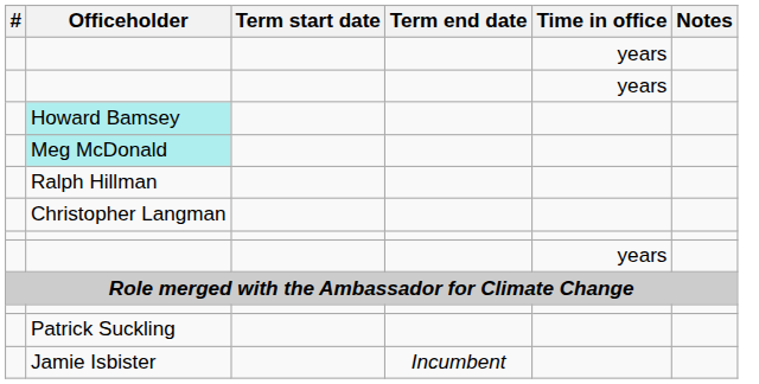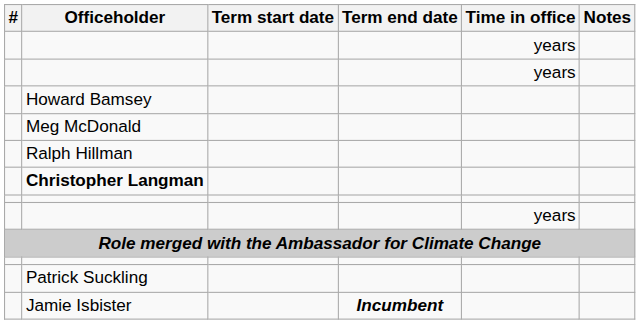 <table class='wikitable sortable'>
 <tr>
 <th>#</th>
 <th>Officeholder</th>
 <th>Term start date</th>
 <th>Term end date</th>
 <th>Time in office</th>
 <th>Notes</th>
 </tr>
 <tr>
 <td align=center></td>
 <td></td>
 <td align=center></td>
 <td align=center></td>
 <td align=right> years</td>
 <td></td>
 </tr>
 <tr>
 <td align=center></td>
 <td></td>
 <td align=center></td>
 <td align=center></td>
 <td align=right> years</td>
 <td></td>
 </tr>
 <tr>
 <td align=center></td>
-<td style="background: paleturquoise;">Howard Bamsey</td>
+<td>Howard Bamsey</td>
 <td align=center></td>
 <td align=center></td>
 <td align=right></td>
 <td></td>
 </tr>
 <tr>
 <td align=center></td>
-<td style="background: paleturquoise;">Meg McDonald</td>
+<td>Meg McDonald</td>
 <td align=center></td>
 <td align=center></td>
 <td align=right></td>
 <td></td>
 </tr>
 <tr>
 <td align=center></td>
 <td>Ralph Hillman</td>
 <td align=center></td>
 <td align=center></td>
 <td align=right></td>
 <td></td>
 </tr>
 <tr>
 <td align=center></td>
-<td>Christopher Langman</td>
+<td><strong>Christopher Langman</strong></td>
 <td align=center></td>
 <td align=center></td>
 <td align=right></td>
 <td></td>
 </tr>
 <tr>
 <td align=center></td>
 <td></td>
 <td align=center></td>
 <td align=center></td>
 <td align=right></td>
 <td></td>
 </tr>
 <tr>
 <td align=center></td>
 <td></td>
 <td align=center></td>
 <td align=center></td>
 <td align=right> years</td>
 <td></td>
 </tr>
 <tr>
 <th colspan=8 style="background: #cccccc;"><em>Role merged with the Ambassador for Climate Change</em></th>
 </tr>
 <tr>
 <td align=center></td>
 <td></td>
 <td align=center></td>
 <td align=center></td>
 <td align=right></td>
 <td></td>
 </tr>
 <tr>
 <td align=center></td>
 <td>Patrick Suckling</td>
 <td align=center></td>
 <td align=center></td>
 <td align=right><strong></strong></td>
 <td></td>
 </tr>
 <tr>
 <td align=center></td>
 <td>Jamie Isbister</td>
 <td align=center></td>
-<td align=center><em>Incumbent</em></td>
+<td align=center><strong><em>Incumbent</em></strong></td>
 <td align=right></td>
 <td></td>
 </tr>
 </table>
